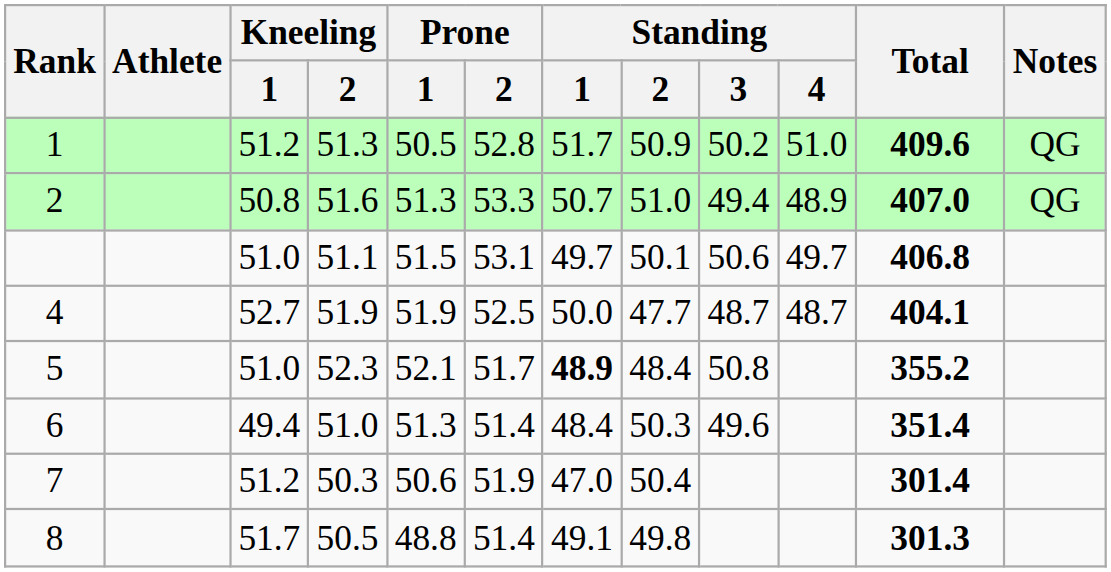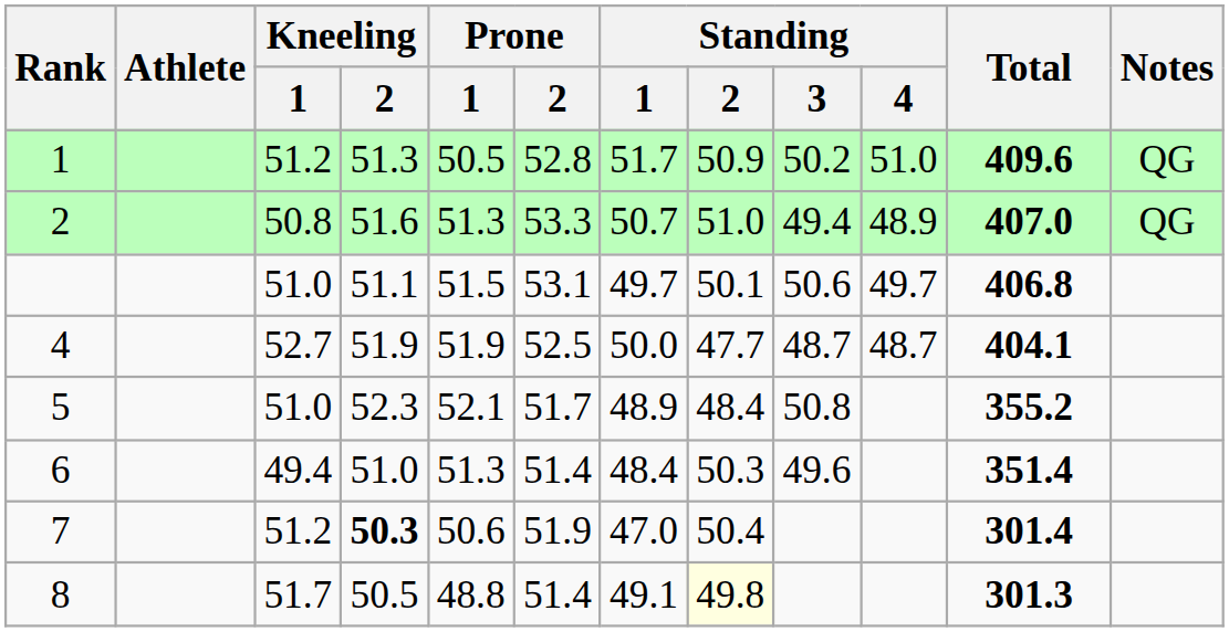 <table class="wikitable sortable" style="text-align:center">
 <tr>
 <th rowspan=2>Rank</th>
 <th rowspan=2>Athlete</th>
 <th colspan=2 width="60px">Kneeling</th>
 <th colspan=2 width="60px">Prone</th>
 <th colspan=4 width="120px">Standing</th>
 <th rowspan=2 width="60px">Total</th>
 <th rowspan=2 class="unsortable">Notes</th>
 </tr>
 <tr>
 <th>1</th>
 <th>2</th>
 <th>1</th>
 <th>2</th>
 <th>1</th>
 <th>2</th>
 <th>3</th>
 <th>4</th>
 </tr>
 <tr bgcolor=bbffbb>
 <td>1</td>
 <td align=left></td>
 <td>51.2</td>
 <td>51.3</td>
 <td>50.5</td>
 <td>52.8</td>
 <td>51.7</td>
 <td>50.9</td>
 <td>50.2</td>
 <td>51.0</td>
 <td><strong>409.6</strong></td>
 <td>QG</td>
 </tr>
 <tr bgcolor=bbffbb>
 <td>2</td>
 <td align=left></td>
 <td>50.8</td>
 <td>51.6</td>
 <td>51.3</td>
 <td>53.3</td>
 <td>50.7</td>
 <td>51.0</td>
 <td>49.4</td>
 <td>48.9</td>
 <td><strong>407.0</strong></td>
 <td>QG</td>
 </tr>
 <tr>
 <td></td>
 <td align=left></td>
 <td>51.0</td>
 <td>51.1</td>
 <td>51.5</td>
 <td>53.1</td>
 <td>49.7</td>
 <td>50.1</td>
 <td>50.6</td>
 <td>49.7</td>
 <td><strong>406.8</strong></td>
 <td></td>
 </tr>
 <tr>
 <td>4</td>
 <td align=left></td>
 <td>52.7</td>
 <td>51.9</td>
 <td>51.9</td>
 <td>52.5</td>
 <td>50.0</td>
 <td>47.7</td>
 <td>48.7</td>
 <td>48.7</td>
 <td><strong>404.1</strong></td>
 <td></td>
 </tr>
 <tr>
 <td>5</td>
 <td align=left></td>
 <td>51.0</td>
 <td>52.3</td>
 <td>52.1</td>
 <td>51.7</td>
-<td><strong>48.9</strong></td>
+<td>48.9</td>
 <td>48.4</td>
 <td>50.8</td>
 <td></td>
 <td><strong>355.2</strong></td>
 <td></td>
 </tr>
 <tr>
 <td>6</td>
 <td align=left></td>
 <td>49.4</td>
 <td>51.0</td>
 <td>51.3</td>
 <td>51.4</td>
 <td>48.4</td>
 <td>50.3</td>
 <td>49.6</td>
 <td></td>
 <td><strong>351.4</strong></td>
 <td></td>
 </tr>
 <tr>
 <td>7</td>
 <td align=left></td>
 <td>51.2</td>
-<td>50.3</td>
+<td><strong>50.3</strong></td>
 <td>50.6</td>
 <td>51.9</td>
 <td>47.0</td>
 <td>50.4</td>
 <td></td>
 <td></td>
 <td><strong>301.4</strong></td>
 <td></td>
 </tr>
 <tr>
 <td>8</td>
 <td align=left></td>
 <td>51.7</td>
 <td>50.5</td>
 <td>48.8</td>
 <td>51.4</td>
 <td>49.1</td>
-<td>49.8</td>
+<td style="background: lightyellow;">49.8</td>
 <td></td>
 <td></td>
 <td><strong>301.3</strong></td>
 <td></td>
 </tr>
 </table>
